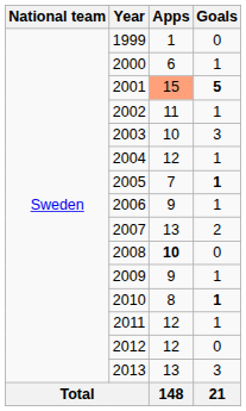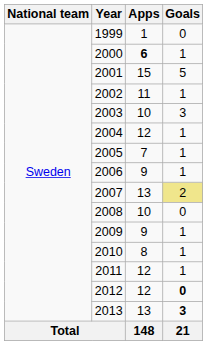 <table class="wikitable" style="text-align:center">
 <tr>
 <th>National team</th>
 <th>Year</th>
 <th>Apps</th>
 <th>Goals</th>
 </tr>
 <tr>
 <td rowspan="15"><a href='#'>Sweden</a></td>
 <td>1999</td>
 <td>1</td>
 <td>0</td>
 </tr>
 <tr>
 <td>2000</td>
-<td>6</td>
+<td><strong>6</strong></td>
 <td>1</td>
 </tr>
 <tr>
 <td>2001</td>
-<td style="background: lightsalmon;">15</td>
-<td><strong>5</strong></td>
+<td>15</td>
+<td>5</td>
 </tr>
 <tr>
 <td>2002</td>
 <td>11</td>
 <td>1</td>
 </tr>
 <tr>
 <td>2003</td>
 <td>10</td>
 <td>3</td>
 </tr>
 <tr>
 <td>2004</td>
 <td>12</td>
 <td>1</td>
 </tr>
 <tr>
 <td>2005</td>
 <td>7</td>
-<td><strong>1</strong></td>
+<td>1</td>
 </tr>
 <tr>
 <td>2006</td>
 <td>9</td>
 <td>1</td>
 </tr>
 <tr>
 <td>2007</td>
 <td>13</td>
-<td>2</td>
+<td style="background: khaki;">2</td>
 </tr>
 <tr>
 <td>2008</td>
-<td><strong>10</strong></td>
+<td>10</td>
 <td>0</td>
 </tr>
 <tr>
 <td>2009</td>
 <td>9</td>
 <td>1</td>
 </tr>
 <tr>
 <td>2010</td>
 <td>8</td>
-<td><strong>1</strong></td>
+<td>1</td>
 </tr>
 <tr>
 <td>2011</td>
 <td>12</td>
 <td>1</td>
 </tr>
 <tr>
 <td>2012</td>
 <td>12</td>
-<td>0</td>
+<td><strong>0</strong></td>
 </tr>
 <tr>
 <td>2013</td>
 <td>13</td>
-<td>3</td>
+<td><strong>3</strong></td>
 </tr>
 <tr>
 <th colspan="2">Total</th>
 <th>148</th>
 <th>21</th>
 </tr>
 </table>
